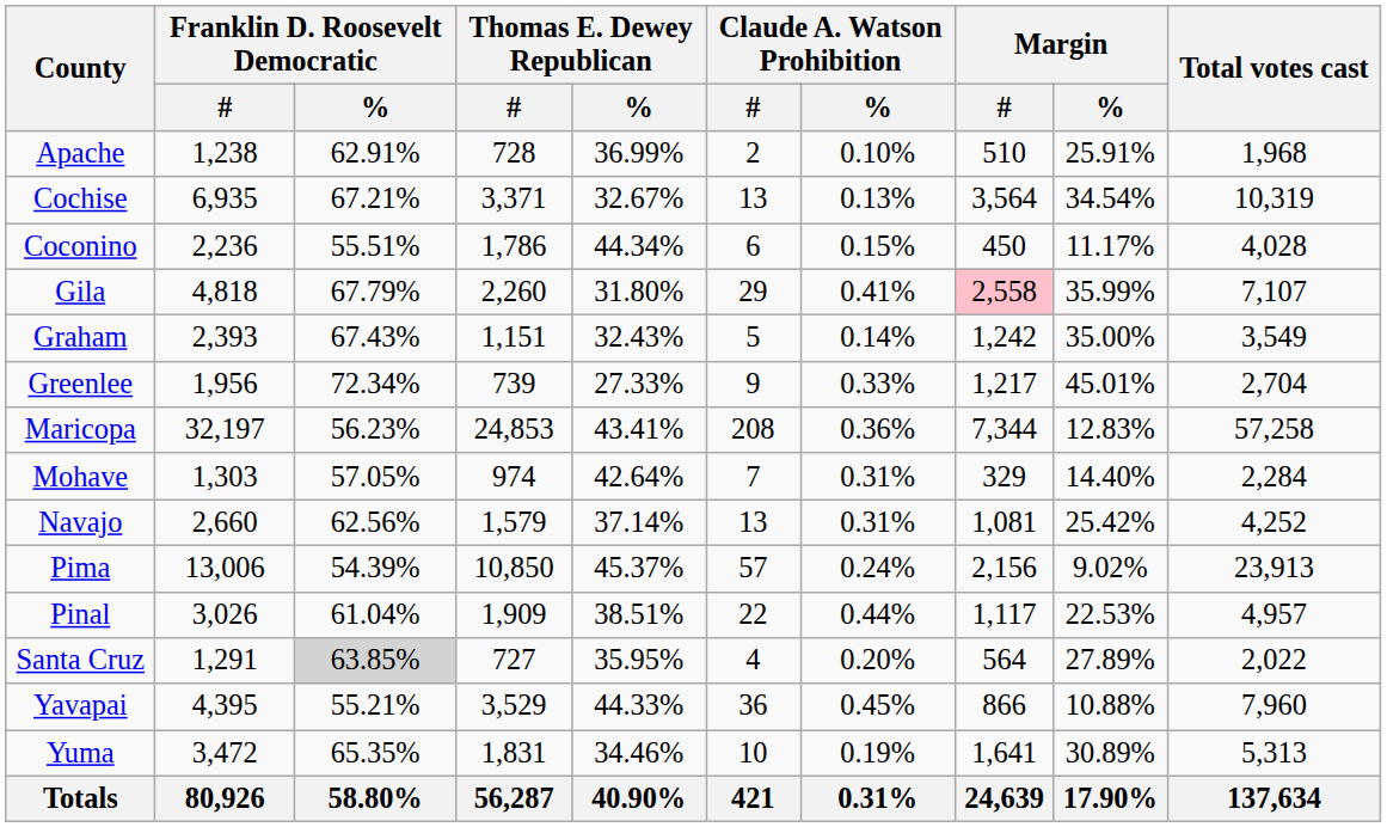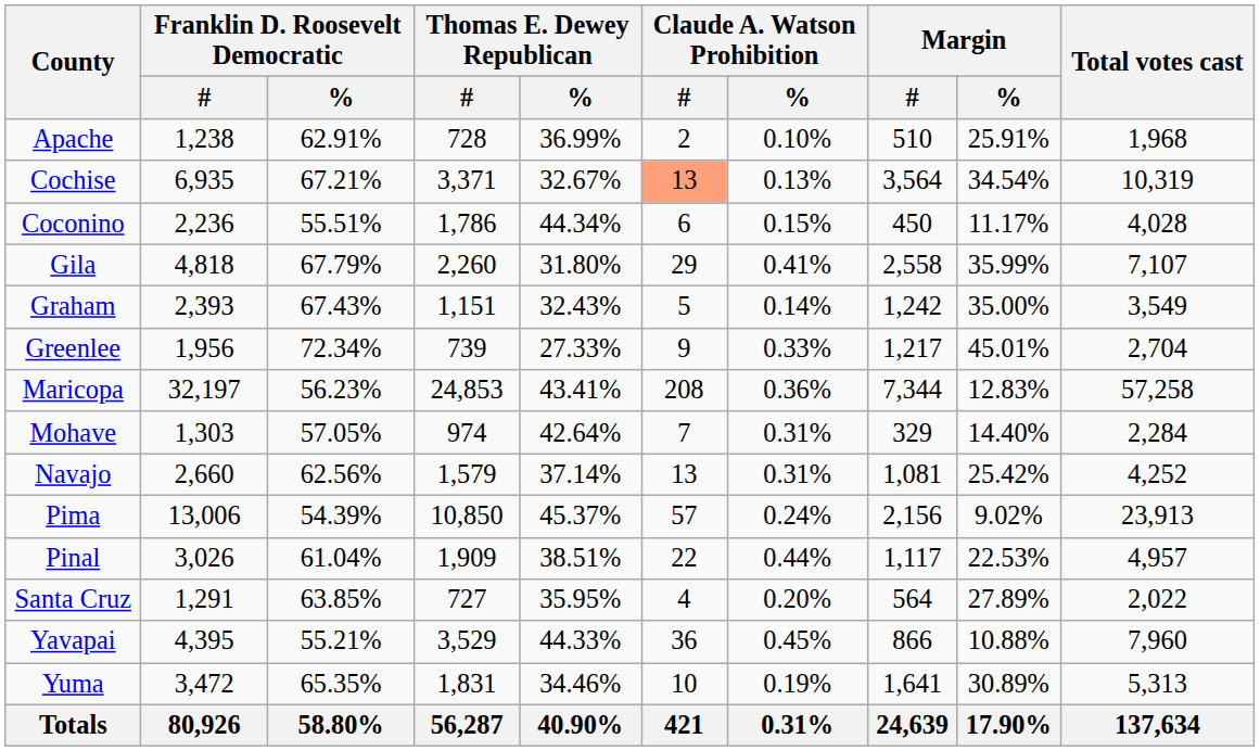 <table width="60%" class="wikitable sortable">
 <tr>
 <th rowspan="2">County</th>
 <th colspan="2">Franklin D. Roosevelt<br>Democratic</th>
 <th colspan="2">Thomas E. Dewey<br>Republican</th>
 <th colspan="2">Claude A. Watson<br>Prohibition</th>
 <th colspan="2">Margin</th>
 <th rowspan="2">Total votes cast</th>
 </tr>
 <tr bgcolor="lightgrey">
 <th data-sort-type="number">#</th>
 <th data-sort-type="number">%</th>
 <th data-sort-type="number">#</th>
 <th data-sort-type="number">%</th>
 <th data-sort-type="number">#</th>
 <th data-sort-type="number">%</th>
 <th data-sort-type="number">#</th>
 <th data-sort-type="number">%</th>
 </tr>
 <tr style="text-align:center;">
 <td><a href='#'>Apache</a></td>
 <td>1,238</td>
 <td>62.91%</td>
 <td>728</td>
 <td>36.99%</td>
 <td>2</td>
 <td>0.10%</td>
 <td>510</td>
 <td>25.91%</td>
 <td>1,968</td>
 </tr>
 <tr style="text-align:center;">
 <td><a href='#'>Cochise</a></td>
 <td>6,935</td>
 <td>67.21%</td>
 <td>3,371</td>
 <td>32.67%</td>
-<td>13</td>
+<td style="background: lightsalmon;">13</td>
 <td>0.13%</td>
 <td>3,564</td>
 <td>34.54%</td>
 <td>10,319</td>
 </tr>
 <tr style="text-align:center;">
 <td><a href='#'>Coconino</a></td>
 <td>2,236</td>
 <td>55.51%</td>
 <td>1,786</td>
 <td>44.34%</td>
 <td>6</td>
 <td>0.15%</td>
 <td>450</td>
 <td>11.17%</td>
 <td>4,028</td>
 </tr>
 <tr style="text-align:center;">
 <td><a href='#'>Gila</a></td>
 <td>4,818</td>
 <td>67.79%</td>
 <td>2,260</td>
 <td>31.80%</td>
 <td>29</td>
 <td>0.41%</td>
-<td style="background: pink;">2,558</td>
+<td>2,558</td>
 <td>35.99%</td>
 <td>7,107</td>
 </tr>
 <tr style="text-align:center;">
 <td><a href='#'>Graham</a></td>
 <td>2,393</td>
 <td>67.43%</td>
 <td>1,151</td>
 <td>32.43%</td>
 <td>5</td>
 <td>0.14%</td>
 <td>1,242</td>
 <td>35.00%</td>
 <td>3,549</td>
 </tr>
 <tr style="text-align:center;">
 <td><a href='#'>Greenlee</a></td>
 <td>1,956</td>
 <td>72.34%</td>
 <td>739</td>
 <td>27.33%</td>
 <td>9</td>
 <td>0.33%</td>
 <td>1,217</td>
 <td>45.01%</td>
 <td>2,704</td>
 </tr>
 <tr style="text-align:center;">
 <td><a href='#'>Maricopa</a></td>
 <td>32,197</td>
 <td>56.23%</td>
 <td>24,853</td>
 <td>43.41%</td>
 <td>208</td>
 <td>0.36%</td>
 <td>7,344</td>
 <td>12.83%</td>
 <td>57,258</td>
 </tr>
 <tr style="text-align:center;">
 <td><a href='#'>Mohave</a></td>
 <td>1,303</td>
 <td>57.05%</td>
 <td>974</td>
 <td>42.64%</td>
 <td>7</td>
 <td>0.31%</td>
 <td>329</td>
 <td>14.40%</td>
 <td>2,284</td>
 </tr>
 <tr style="text-align:center;">
 <td><a href='#'>Navajo</a></td>
 <td>2,660</td>
 <td>62.56%</td>
 <td>1,579</td>
 <td>37.14%</td>
 <td>13</td>
 <td>0.31%</td>
 <td>1,081</td>
 <td>25.42%</td>
 <td>4,252</td>
 </tr>
 <tr style="text-align:center;">
 <td><a href='#'>Pima</a></td>
 <td>13,006</td>
 <td>54.39%</td>
 <td>10,850</td>
 <td>45.37%</td>
 <td>57</td>
 <td>0.24%</td>
 <td>2,156</td>
 <td>9.02%</td>
 <td>23,913</td>
 </tr>
 <tr style="text-align:center;">
 <td><a href='#'>Pinal</a></td>
 <td>3,026</td>
 <td>61.04%</td>
 <td>1,909</td>
 <td>38.51%</td>
 <td>22</td>
 <td>0.44%</td>
 <td>1,117</td>
 <td>22.53%</td>
 <td>4,957</td>
 </tr>
 <tr style="text-align:center;">
 <td><a href='#'>Santa Cruz</a></td>
 <td>1,291</td>
-<td style="background: lightgrey;">63.85%</td>
+<td>63.85%</td>
 <td>727</td>
 <td>35.95%</td>
 <td>4</td>
 <td>0.20%</td>
 <td>564</td>
 <td>27.89%</td>
 <td>2,022</td>
 </tr>
 <tr style="text-align:center;">
 <td><a href='#'>Yavapai</a></td>
 <td>4,395</td>
 <td>55.21%</td>
 <td>3,529</td>
 <td>44.33%</td>
 <td>36</td>
 <td>0.45%</td>
 <td>866</td>
 <td>10.88%</td>
 <td>7,960</td>
 </tr>
 <tr style="text-align:center;">
 <td><a href='#'>Yuma</a></td>
 <td>3,472</td>
 <td>65.35%</td>
 <td>1,831</td>
 <td>34.46%</td>
 <td>10</td>
 <td>0.19%</td>
 <td>1,641</td>
 <td>30.89%</td>
 <td>5,313</td>
 </tr>
 <tr style="text-align:center;">
 <th>Totals</th>
 <th>80,926</th>
 <th>58.80%</th>
 <th>56,287</th>
 <th>40.90%</th>
 <th>421</th>
 <th>0.31%</th>
 <th>24,639</th>
 <th>17.90%</th>
 <th>137,634</th>
 </tr>
 </table>
